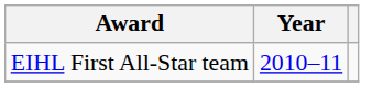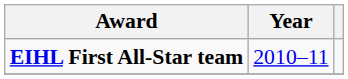 <table class="wikitable">
 <tr>
 <th>Award</th>
 <th>Year</th>
 <th></th>
 </tr>
 <tr>
-<td><a href='#'>EIHL</a> First All-Star team</td>
+<td><strong><a href='#'>EIHL</a> First All-Star team</strong></td>
 <td><a href='#'>2010–11</a></td>
 <td></td>
 </tr>
 <tr>
 </tr>
 </table>
